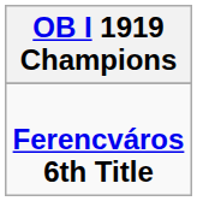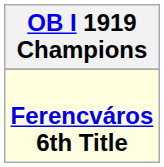 <table class="wikitable" style="text-align: center; margin: 0 auto;">
 <tr>
 <th><a href='#'>OB I</a> 1919<br>Champions</th>
 </tr>
 <tr>
 </tr>
 <tr>
-<td> <br><strong><a href='#'>Ferencváros</a></strong><br><strong>6th Title</strong></td>
+<td style="background: lightyellow;"> <br><strong><a href='#'>Ferencváros</a></strong><br><strong>6th Title</strong></td>
 </tr>
 </table>
